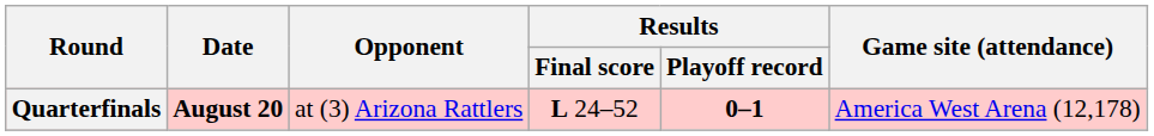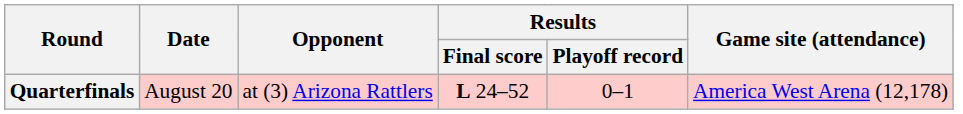 <table class="wikitable" style="font-size: 92%;" "align=center">
 <tr>
 <th rowspan="2">Round</th>
 <th rowspan="2">Date</th>
 <th rowspan="2">Opponent</th>
 <th colspan="2">Results</th>
 <th rowspan="2">Game site (attendance)</th>
 </tr>
 <tr>
 <th>Final score</th>
 <th>Playoff record</th>
 </tr>
 <tr style="background:#fcc">
 <th>Quarterfinals</th>
-<td style="text-align:center;"><strong>August 20</strong></td>
+<td style="text-align:center;">August 20</td>
 <td style="text-align:center;">at (3) <a href='#'>Arizona Rattlers</a></td>
 <td style="text-align:center;"><strong>L</strong> 24–52</td>
-<td style="text-align:center;"><strong>0–1</strong></td>
+<td style="text-align:center;">0–1</td>
 <td style="text-align:center;"><a href='#'>America West Arena</a> (12,178)</td>
 </tr>
 </table>
